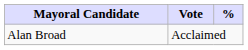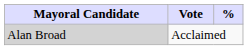 <table class="wikitable">
 <tr>
 <th style="background:#ddf; width:200px;">Mayoral Candidate </th>
 <th style="background:#ddf; width:50px;">Vote</th>
 <th style="background:#ddf; width:30px;">%</th>
 </tr>
 <tr>
-<td>Alan Broad</td>
+<td style="background: lightgrey;">Alan Broad</td>
 <td colspan="2">Acclaimed</td>
 </tr>
 </table>
